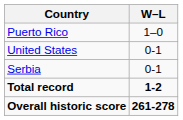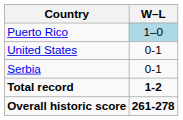 <table class="wikitable" style="text-align:center; font-size:90%;">
 <tr>
 <th>Country</th>
 <th>W–L</th>
 </tr>
 <tr>
 <td align=left> <a href='#'>Puerto Rico</a></td>
-<td>1–0</td>
+<td style="background: lightblue;">1–0</td>
 </tr>
 <tr>
 <td align=left> <a href='#'>United States</a></td>
 <td>0-1</td>
 </tr>
 <tr>
 <td align=left> <a href='#'>Serbia</a></td>
 <td>0-1</td>
 </tr>
 <tr>
 <td align=left><strong>Total record</strong></td>
 <td><strong>1-2</strong></td>
 </tr>
 <tr>
 <td align=left><strong>Overall historic score</strong></td>
 <td><strong>261-278</strong></td>
 </tr>
 </table>
